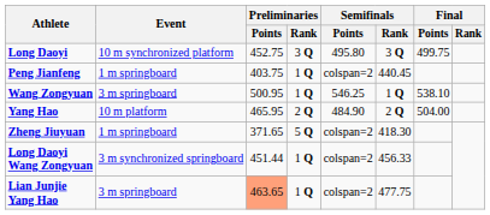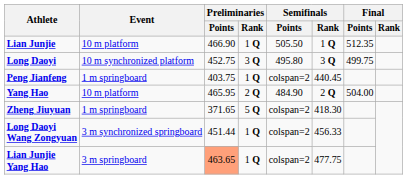 <table class="wikitable" style="text-align:center; font-size:90%;">
 <tr>
 <th rowspan=2>Athlete</th>
 <th rowspan=2>Event</th>
 <th colspan=2>Preliminaries</th>
 <th colspan=2>Semifinals</th>
 <th colspan=2>Final</th>
 </tr>
 <tr style="font-size:95%">
 <th>Points</th>
 <th>Rank</th>
 <th>Points</th>
 <th>Rank</th>
 <th>Points</th>
 <th>Rank</th>
+</tr>
+<tr>
+<td align=left><strong><a href='#'>Lian Junjie</a></strong></td>
+<td align=left><a href='#'>10 m platform</a></td>
+<td>466.90</td>
+<td>1 <strong>Q</strong></td>
+<td>505.50</td>
+<td>1 <strong>Q</strong></td>
+<td>512.35</td>
+<td></td>
 </tr>
 <tr>
 <td align=left><strong><a href='#'>Long Daoyi</a></strong></td>
 <td align=left><a href='#'>10 m synchronized platform</a></td>
 <td>452.75</td>
 <td>3 <strong>Q</strong></td>
 <td>495.80</td>
 <td>3 <strong>Q</strong></td>
 <td>499.75</td>
 <td></td>
 </tr>
 <tr>
 <td align=left><strong><a href='#'>Peng Jianfeng</a></strong></td>
 <td align=left><a href='#'>1 m springboard</a></td>
 <td>403.75</td>
 <td>1 <strong>Q</strong></td>
 <td>colspan=2 </td>
 <td>440.45</td>
-<td></td>
-</tr>
-<tr>
-<td align=left><strong><a href='#'>Wang Zongyuan</a></strong></td>
-<td align=left><a href='#'>3 m springboard</a></td>
-<td>500.95</td>
-<td>1 <strong>Q</strong></td>
-<td>546.25</td>
-<td>1 <strong>Q</strong></td>
-<td>538.10</td>
 <td></td>
 </tr>
 <tr>
 <td align=left><strong><a href='#'>Yang Hao</a></strong></td>
 <td align=left><a href='#'>10 m platform</a></td>
 <td>465.95</td>
 <td>2 <strong>Q</strong></td>
 <td>484.90</td>
 <td>2 <strong>Q</strong></td>
 <td>504.00</td>
 <td></td>
 </tr>
 <tr>
 <td align=left><strong><a href='#'>Zheng Jiuyuan</a></strong></td>
 <td align=left><a href='#'>1 m springboard</a></td>
 <td>371.65</td>
 <td>5 <strong>Q</strong></td>
 <td>colspan=2 </td>
 <td>418.30</td>
 <td></td>
 </tr>
 <tr>
 <td align=left><strong><a href='#'>Long Daoyi</a><br><a href='#'>Wang Zongyuan</a></strong></td>
 <td align=left><a href='#'>3 m synchronized springboard</a></td>
 <td>451.44</td>
 <td>1 <strong>Q</strong></td>
 <td>colspan=2 </td>
 <td>456.33</td>
 <td></td>
 </tr>
 <tr>
 <td align=left><strong><a href='#'>Lian Junjie</a> <br> <a href='#'>Yang Hao</a></strong></td>
 <td align=left><a href='#'>3 m springboard</a></td>
 <td style="background: lightsalmon;">463.65</td>
 <td>1 <strong>Q</strong></td>
 <td>colspan=2 </td>
 <td>477.75</td>
 <td></td>
 </tr>
 </table>
